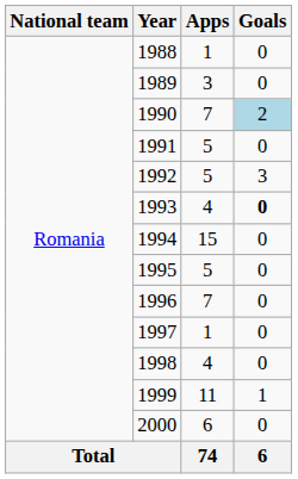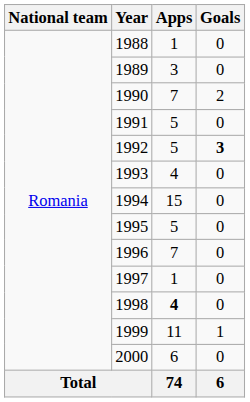 <table class="wikitable" style="text-align:center">
 <tr>
 <th>National team</th>
 <th>Year</th>
 <th>Apps</th>
 <th>Goals</th>
 </tr>
 <tr>
 <td rowspan="13"><a href='#'>Romania</a></td>
 <td>1988</td>
 <td>1</td>
 <td>0</td>
 </tr>
 <tr>
 <td>1989</td>
 <td>3</td>
 <td>0</td>
 </tr>
 <tr>
 <td>1990</td>
 <td>7</td>
-<td style="background: lightblue;">2</td>
+<td>2</td>
 </tr>
 <tr>
 <td>1991</td>
 <td>5</td>
 <td>0</td>
 </tr>
 <tr>
 <td>1992</td>
 <td>5</td>
-<td>3</td>
+<td><strong>3</strong></td>
 </tr>
 <tr>
 <td>1993</td>
 <td>4</td>
-<td><strong>0</strong></td>
+<td>0</td>
 </tr>
 <tr>
 <td>1994</td>
 <td>15</td>
 <td>0</td>
 </tr>
 <tr>
 <td>1995</td>
 <td>5</td>
 <td>0</td>
 </tr>
 <tr>
 <td>1996</td>
 <td>7</td>
 <td>0</td>
 </tr>
 <tr>
 <td>1997</td>
 <td>1</td>
 <td>0</td>
 </tr>
 <tr>
 <td>1998</td>
-<td>4</td>
+<td><strong>4</strong></td>
 <td>0</td>
 </tr>
 <tr>
 <td>1999</td>
 <td>11</td>
 <td>1</td>
 </tr>
 <tr>
 <td>2000</td>
 <td>6</td>
 <td>0</td>
 </tr>
 <tr>
 <th colspan="2">Total</th>
 <th>74</th>
 <th>6</th>
 </tr>
 </table>
